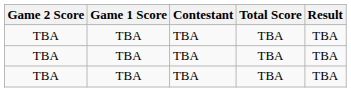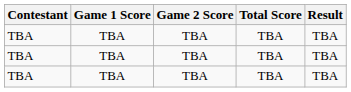 <table class="wikitable" style="text-align: center;">
 <tr>
+<th>Contestant</th>
+<th>Game 1 Score</th>
 <th>Game 2 Score</th>
-<th>Game 1 Score</th>
-<th>Contestant</th>
 <th>Total Score</th>
 <th>Result</th>
 </tr>
 <tr>
+<td style="text-align:left;">TBA</td>
 <td>TBA</td>
 <td>TBA</td>
-<td style="text-align:left;">TBA</td>
 <td>TBA</td>
 <td>TBA</td>
 </tr>
 <tr>
+<td style="text-align:left;">TBA</td>
 <td>TBA</td>
 <td>TBA</td>
-<td style="text-align:left;">TBA</td>
 <td>TBA</td>
 <td>TBA</td>
 </tr>
 <tr>
+<td style="text-align:left;">TBA</td>
 <td>TBA</td>
 <td>TBA</td>
-<td style="text-align:left;">TBA</td>
 <td>TBA</td>
 <td>TBA</td>
 </tr>
 </table>
